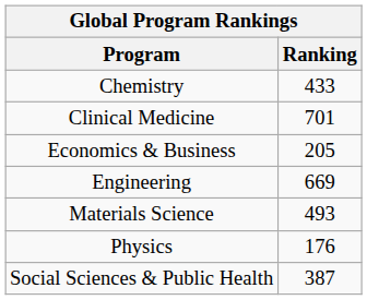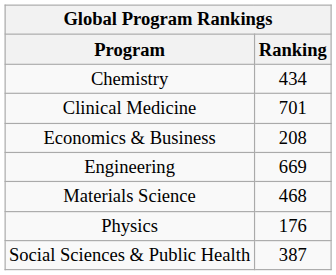 <table class="wikitable sortable collapsible collapsed" style="float:right; text-align:center">
 <tr>
 <th colspan=4>Global Program Rankings</th>
 </tr>
 <tr>
 <th>Program</th>
 <th>Ranking</th>
 </tr>
 <tr>
 <td>Chemistry</td>
-<td>433</td>
+<td>434</td>
 </tr>
 <tr>
 <td>Clinical Medicine</td>
 <td>701</td>
 </tr>
 <tr>
 <td>Economics & Business</td>
-<td>205</td>
+<td>208</td>
 </tr>
 <tr>
 <td>Engineering</td>
 <td>669</td>
 </tr>
 <tr>
 <td>Materials Science</td>
-<td>493</td>
+<td>468</td>
 </tr>
 <tr>
 <td>Physics</td>
 <td>176</td>
 </tr>
 <tr>
 <td>Social Sciences & Public Health</td>
 <td>387</td>
 </tr>
 </table>
